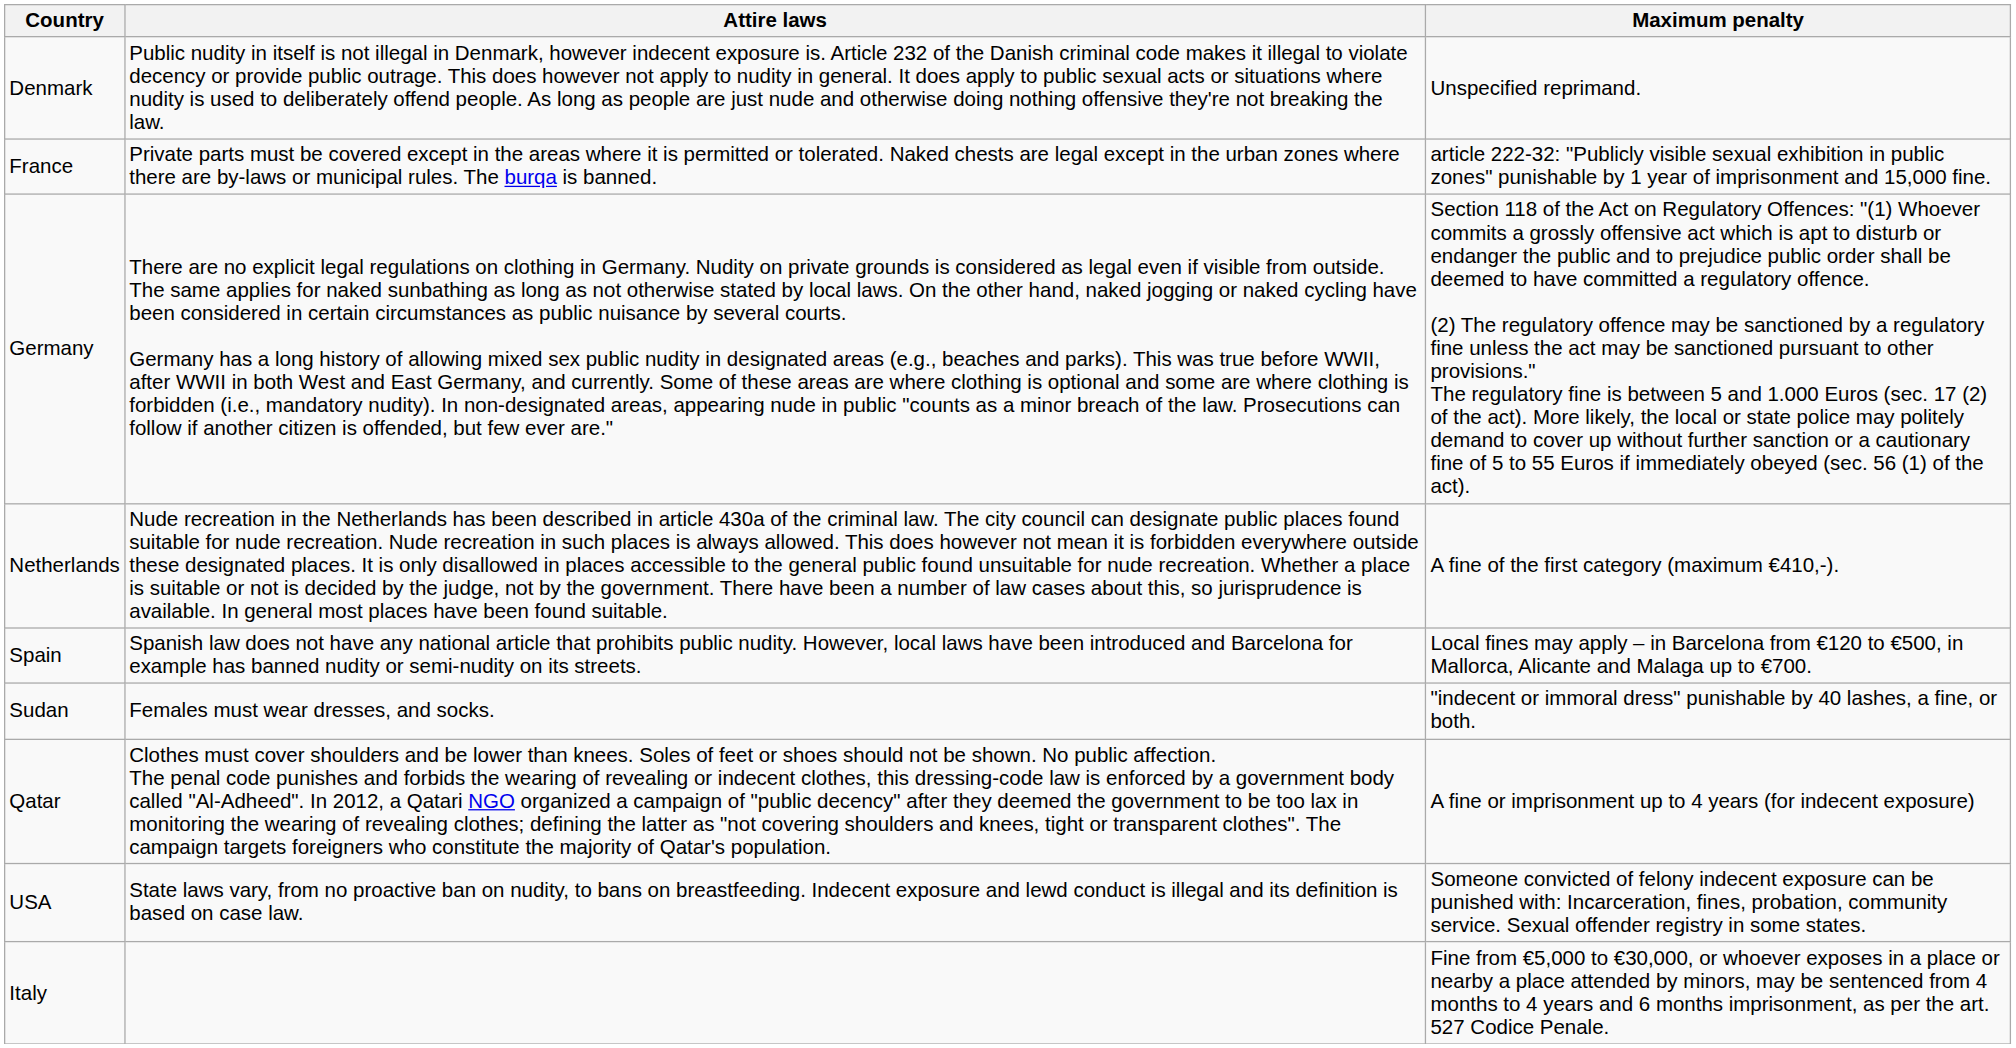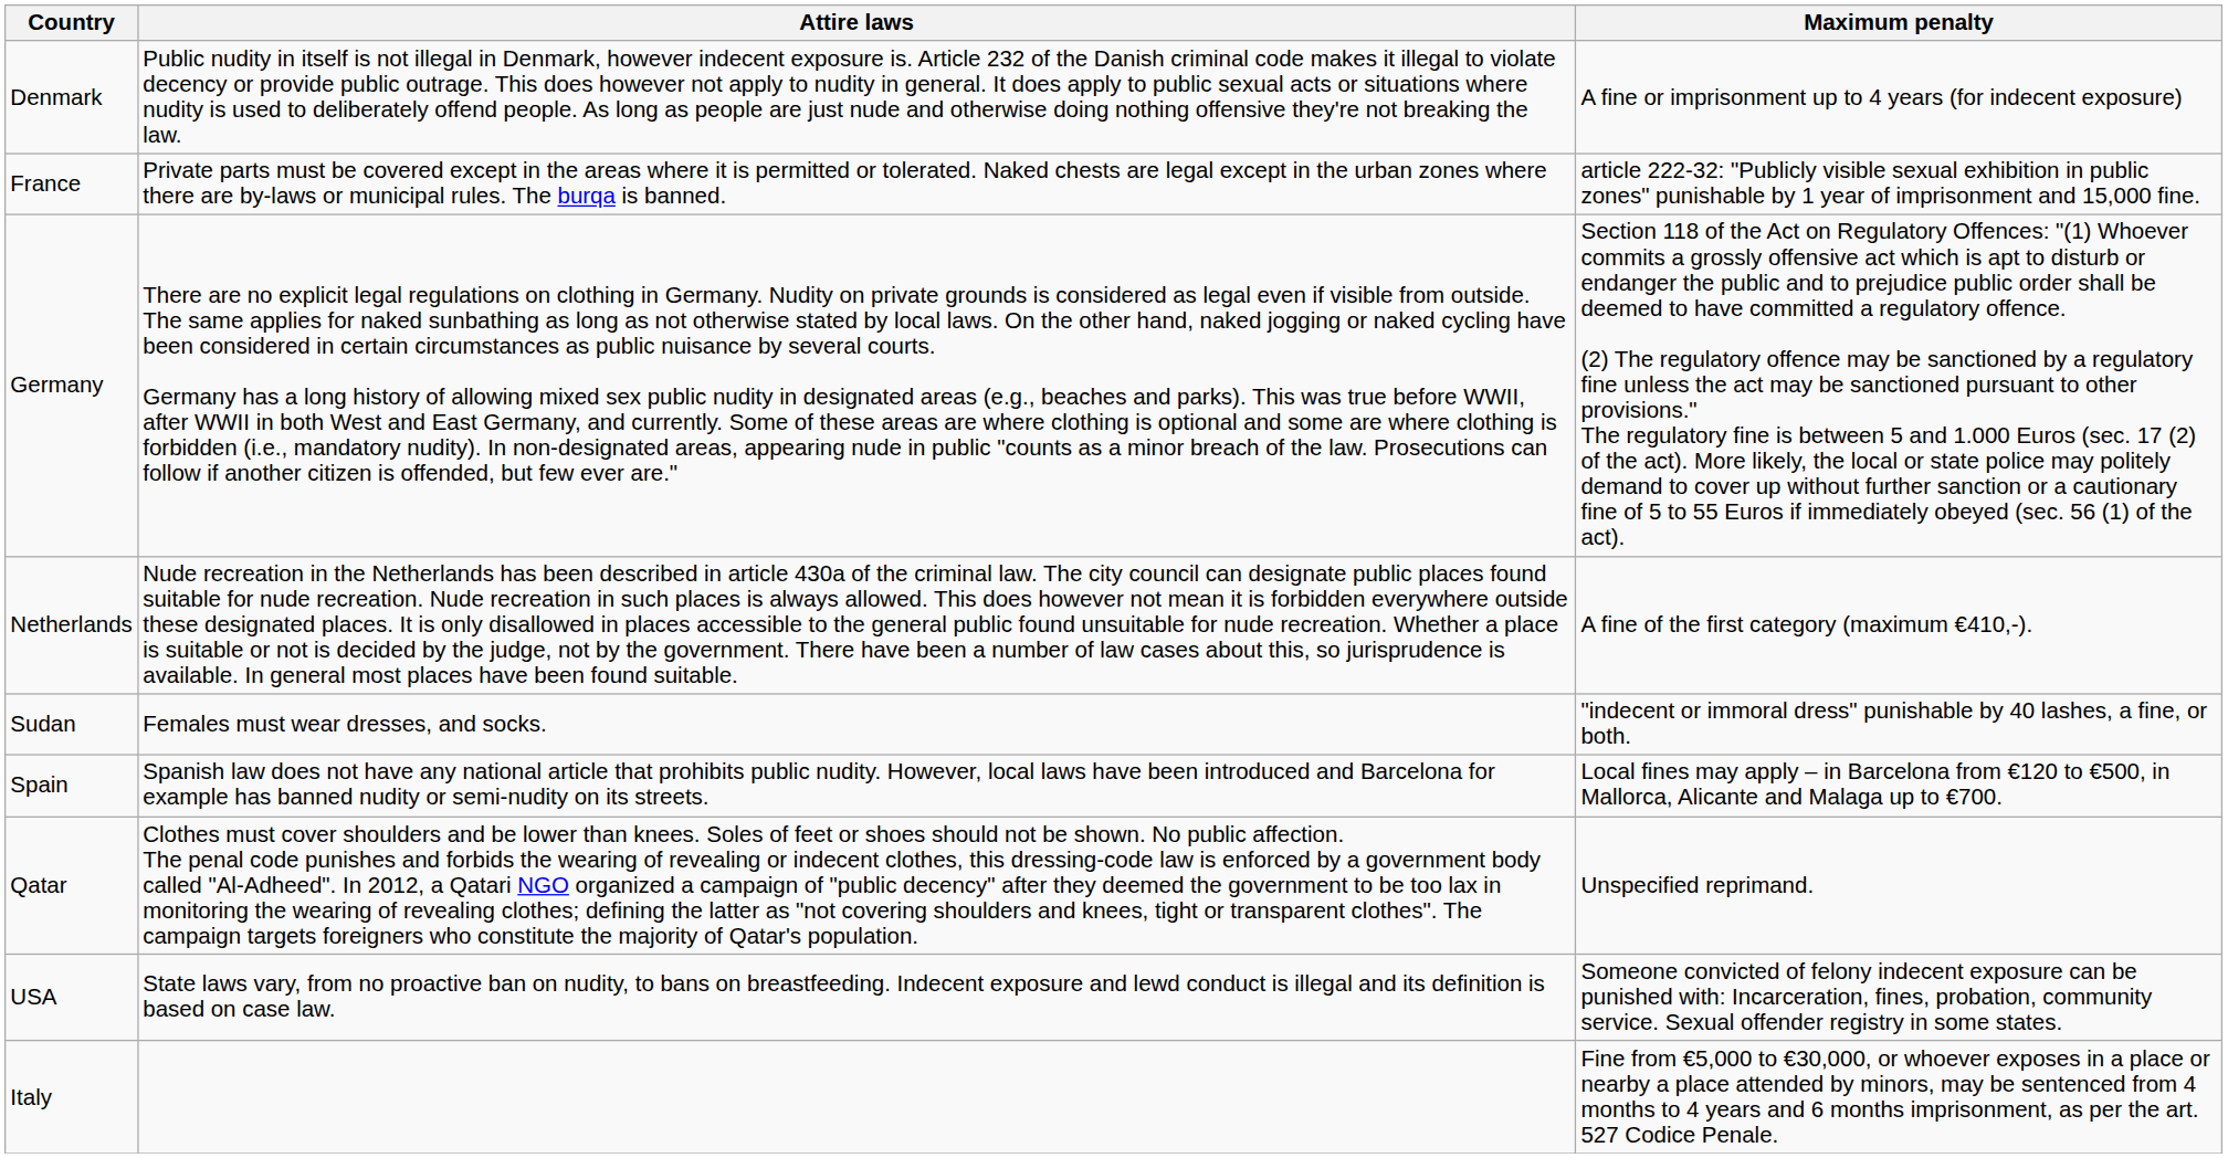 <table class="wikitable sortable">
 <tr>
 <th scope="col">Country</th>
 <th scope="col">Attire laws</th>
 <th scope="col">Maximum penalty</th>
 </tr>
 <tr>
 <td>Denmark</td>
 <td>Public nudity in itself is not illegal in Denmark, however indecent exposure is. Article 232 of the Danish criminal code makes it illegal to violate decency or provide public outrage. This does however not apply to nudity in general. It does apply to public sexual acts or situations where nudity is used to deliberately offend people. As long as people are just nude and otherwise doing nothing offensive they're not breaking the law.</td>
-<td>Unspecified reprimand.</td>
+<td>A fine or imprisonment up to 4 years (for indecent exposure)</td>
 </tr>
 <tr>
 <td>France</td>
 <td>Private parts must be covered except in the areas where it is permitted or tolerated. Naked chests are legal except in the urban zones where there are by-laws or municipal rules. The <a href='#'>burqa</a> is banned.</td>
 <td>article 222-32: "Publicly visible sexual exhibition in public zones" punishable by 1 year of imprisonment and 15,000 fine.</td>
 </tr>
 <tr>
 <td>Germany</td>
 <td>There are no explicit legal regulations on clothing in Germany. Nudity on private grounds is considered as legal even if visible from outside. The same applies for naked sunbathing as long as not otherwise stated by local laws. On the other hand, naked jogging or naked cycling have been considered in certain circumstances as public nuisance by several courts.<br><br>Germany has a long history of allowing mixed sex public nudity in designated areas (e.g., beaches and parks). This was true before WWII, after WWII in both West and East Germany, and currently. Some of these areas are where clothing is optional and some are where clothing is forbidden (i.e., mandatory nudity). In non-designated areas, appearing nude in public "counts as a minor breach of the law. Prosecutions can follow if another citizen is offended, but few ever are." </td>
 <td>Section 118 of the Act on Regulatory Offences: "(1) Whoever commits a grossly offensive act which is apt to disturb or endanger the public and to prejudice public order shall be deemed to have committed a regulatory offence.<br><br>(2) The regulatory offence may be sanctioned by a regulatory fine unless the act may be sanctioned pursuant to other provisions."<br> The regulatory fine is between 5 and 1.000 Euros (sec. 17 (2) of the act). More likely, the local or state police may politely demand to cover up without further sanction or a cautionary fine of 5 to 55 Euros if immediately obeyed (sec. 56 (1) of the act).</td>
 </tr>
 <tr>
 <td>Netherlands</td>
 <td>Nude recreation in the Netherlands has been described in article 430a of the criminal law. The city council can designate public places found suitable for nude recreation. Nude recreation in such places is always allowed. This does however not mean it is forbidden everywhere outside these designated places. It is only disallowed in places accessible to the general public found unsuitable for nude recreation. Whether a place is suitable or not is decided by the judge, not by the government. There have been a number of law cases about this, so jurisprudence is available. In general most places have been found suitable.</td>
 <td>A fine of the first category (maximum €410,-).</td>
 </tr>
 <tr>
+<td>Sudan</td>
+<td>Females must wear dresses, and socks.</td>
+<td>"indecent or immoral dress" punishable by 40 lashes, a fine, or both.</td>
+</tr>
+<tr>
 <td>Spain</td>
 <td>Spanish law does not have any national article that prohibits public nudity. However, local laws have been introduced and Barcelona for example has banned nudity or semi-nudity on its streets.</td>
 <td>Local fines may apply – in Barcelona from €120 to €500, in Mallorca, Alicante and Malaga up to €700.</td>
 </tr>
 <tr>
-<td>Sudan</td>
-<td>Females must wear dresses, and socks.</td>
-<td>"indecent or immoral dress" punishable by 40 lashes, a fine, or both.</td>
-</tr>
-<tr>
 <td>Qatar</td>
 <td>Clothes must cover shoulders and be lower than knees. Soles of feet or shoes should not be shown. No public affection.<br>The penal code punishes and forbids the wearing of revealing or indecent clothes, this dressing-code law is enforced by a government body called "Al-Adheed". In 2012, a Qatari <a href='#'>NGO</a> organized a campaign of "public decency" after they deemed the government to be too lax in monitoring the wearing of revealing clothes; defining the latter as "not covering shoulders and knees, tight or transparent clothes". The campaign targets foreigners who constitute the majority of Qatar's population.</td>
-<td>A fine or imprisonment up to 4 years (for indecent exposure)</td>
+<td>Unspecified reprimand.</td>
 </tr>
 <tr>
 <td>USA</td>
 <td>State laws vary, from no proactive ban on nudity, to bans on breastfeeding. Indecent exposure and lewd conduct is illegal and its definition is based on case law.</td>
 <td>Someone convicted of felony indecent exposure can be punished with: Incarceration, fines, probation, community service. Sexual offender registry in some states.</td>
 </tr>
 <tr>
 <td>Italy</td>
 <td></td>
 <td>Fine from €5,000  to €30,000, or whoever exposes in a place or nearby a place attended by minors, may be sentenced from 4 months to 4 years and 6 months imprisonment, as per the art. 527 Codice Penale.</td>
 </tr>
 </table>
